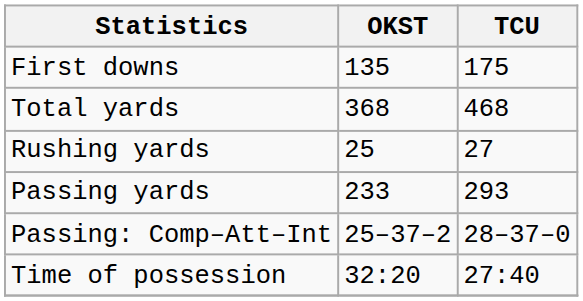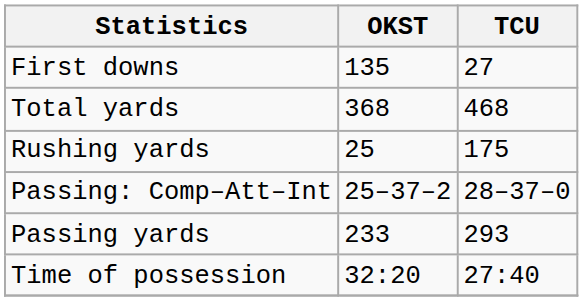 <table class="wikitable" style="float: left;">
 <tr>
 <th>Statistics</th>
 <th>OKST</th>
 <th>TCU</th>
 </tr>
 <tr>
 <td>First downs</td>
 <td>135</td>
-<td>175</td>
+<td>27</td>
 </tr>
 <tr>
 <td>Total yards</td>
 <td>368</td>
 <td>468</td>
 </tr>
 <tr>
 <td>Rushing yards</td>
 <td>25</td>
-<td>27</td>
+<td>175</td>
+</tr>
+<tr>
+<td>Passing: Comp–Att–Int</td>
+<td>25–37–2</td>
+<td>28–37–0</td>
 </tr>
 <tr>
 <td>Passing yards</td>
 <td>233</td>
 <td>293</td>
-</tr>
-<tr>
-<td>Passing: Comp–Att–Int</td>
-<td>25–37–2</td>
-<td>28–37–0</td>
 </tr>
 <tr>
 <td>Time of possession</td>
 <td>32:20</td>
 <td>27:40</td>
 </tr>
 <tr>
 </tr>
 </table>
